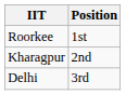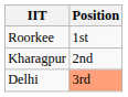 <table class="wikitable">
 <tr>
 <th>IIT</th>
 <th>Position</th>
 </tr>
 <tr>
 <td>Roorkee</td>
 <td>1st</td>
 </tr>
 <tr>
 <td>Kharagpur</td>
 <td>2nd</td>
 </tr>
 <tr>
 <td>Delhi</td>
-<td>3rd</td>
+<td style="background: lightsalmon;">3rd</td>
 </tr>
 </table>
